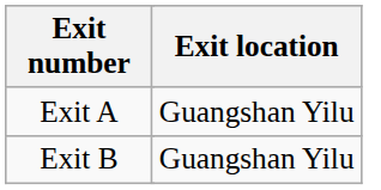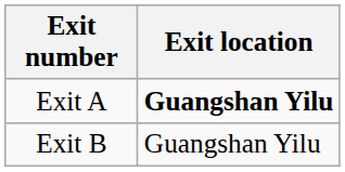 <table class="wikitable">
 <tr>
 <th style="width:70px" colspan="2">Exit number</th>
 <th>Exit location</th>
 </tr>
 <tr>
 <td align="center" colspan="2">Exit A</td>
-<td>Guangshan Yilu</td>
+<td><strong>Guangshan Yilu</strong></td>
 </tr>
 <tr>
 <td align="center" colspan="2">Exit B</td>
 <td>Guangshan Yilu</td>
 </tr>
 </table>
